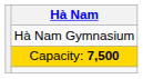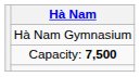 <table class="wikitable" style="text-align:center;margin:1em auto">
 <tr>
 <th rowspan="4"></th>
 <th><a href='#'>Hà Nam</a></th>
 </tr>
 <tr>
 <td>Hà Nam Gymnasium</td>
 </tr>
 <tr>
-<td style="background: gold;">Capacity: <strong>7,500</strong></td>
+<td>Capacity: <strong>7,500</strong></td>
 </tr>
 <tr>
 <td></td>
 </tr>
 </table>
